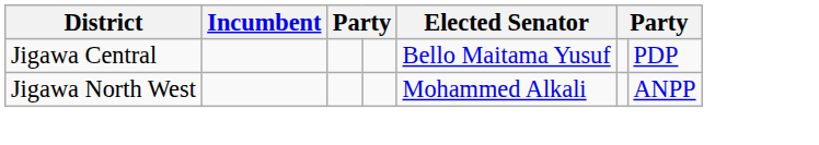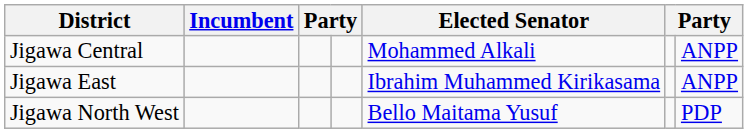 <table class="sortable wikitable" style="font-size:95%;line-height:14px;">
 <tr>
 <th class="unsortable">District</th>
 <th class="unsortable"><a href='#'>Incumbent</a></th>
 <th colspan="2">Party</th>
 <th class="unsortable">Elected Senator</th>
 <th colspan="2">Party</th>
 </tr>
 <tr>
 <td>Jigawa Central</td>
 <td></td>
 <td></td>
 <td></td>
-<td><a href='#'>Bello Maitama Yusuf</a></td>
+<td><a href='#'>Mohammed Alkali</a></td>
 <td style="background:"></td>
-<td><a href='#'>PDP</a></td>
+<td><a href='#'>ANPP</a></td>
+</tr>
+<tr>
+<td>Jigawa East</td>
+<td></td>
+<td></td>
+<td></td>
+<td><a href='#'>Ibrahim Muhammed Kirikasama</a></td>
+<td style="background:"></td>
+<td><a href='#'>ANPP</a></td>
 </tr>
 <tr>
 <td>Jigawa North West</td>
 <td></td>
 <td></td>
 <td></td>
-<td><a href='#'>Mohammed Alkali</a></td>
+<td><a href='#'>Bello Maitama Yusuf</a></td>
 <td style="background:"></td>
-<td><a href='#'>ANPP</a></td>
+<td><a href='#'>PDP</a></td>
 </tr>
 </table>
